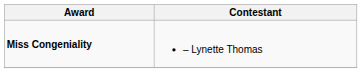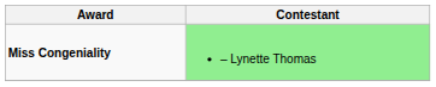 <table class="wikitable sortable" style="font-size:95%;">
 <tr>
 <th width="220">Award</th>
 <th width="300">Contestant</th>
 </tr>
 <tr>
 <td><strong>Miss Congeniality</strong></td>
-<td><br><ul><li><strong></strong> – Lynette Thomas</li></ul></td>
+<td style="background: lightgreen;"><br><ul><li><strong></strong> – Lynette Thomas</li></ul></td>
 </tr>
 <tr>
 </tr>
 </table>
